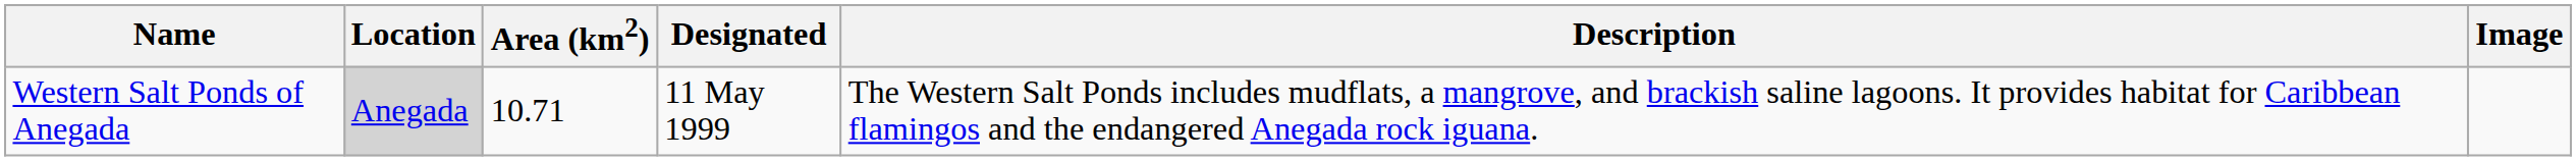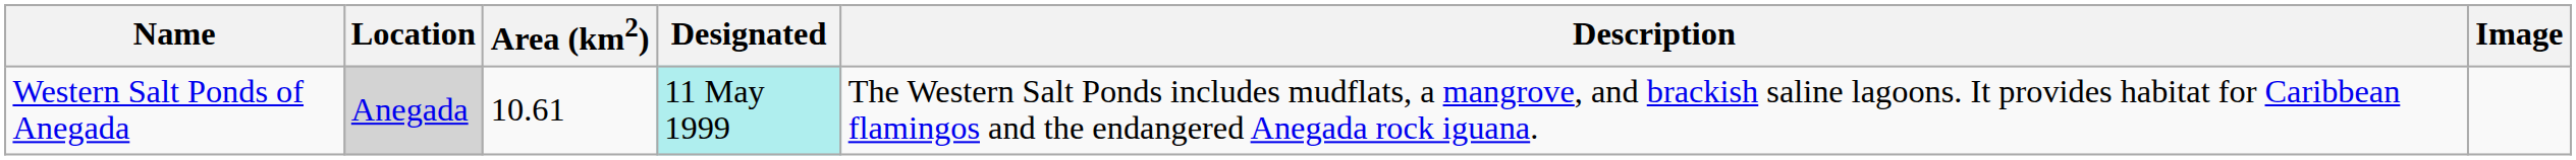 <table class="wikitable sortable">
 <tr>
 <th style="background-color:">Name</th>
 <th style="background-color:">Location</th>
 <th style="background-color:">Area (km<sup>2</sup>)</th>
 <th style="background-color:">Designated</th>
 <th style="background-color:">Description</th>
 <th style="background-color:">Image</th>
 </tr>
 <tr>
 <td><a href='#'>Western Salt Ponds of Anegada</a></td>
 <td style="background: lightgrey;"><a href='#'>Anegada</a><br><small></small></td>
-<td>10.71</td>
-<td>11 May 1999</td>
+<td>10.61</td>
+<td style="background: paleturquoise;">11 May 1999</td>
 <td>The Western Salt Ponds includes mudflats, a <a href='#'>mangrove</a>, and <a href='#'>brackish</a> saline lagoons. It provides habitat for <a href='#'>Caribbean flamingos</a> and the endangered <a href='#'>Anegada rock iguana</a>.</td>
 <td></td>
 </tr>
 </table>
